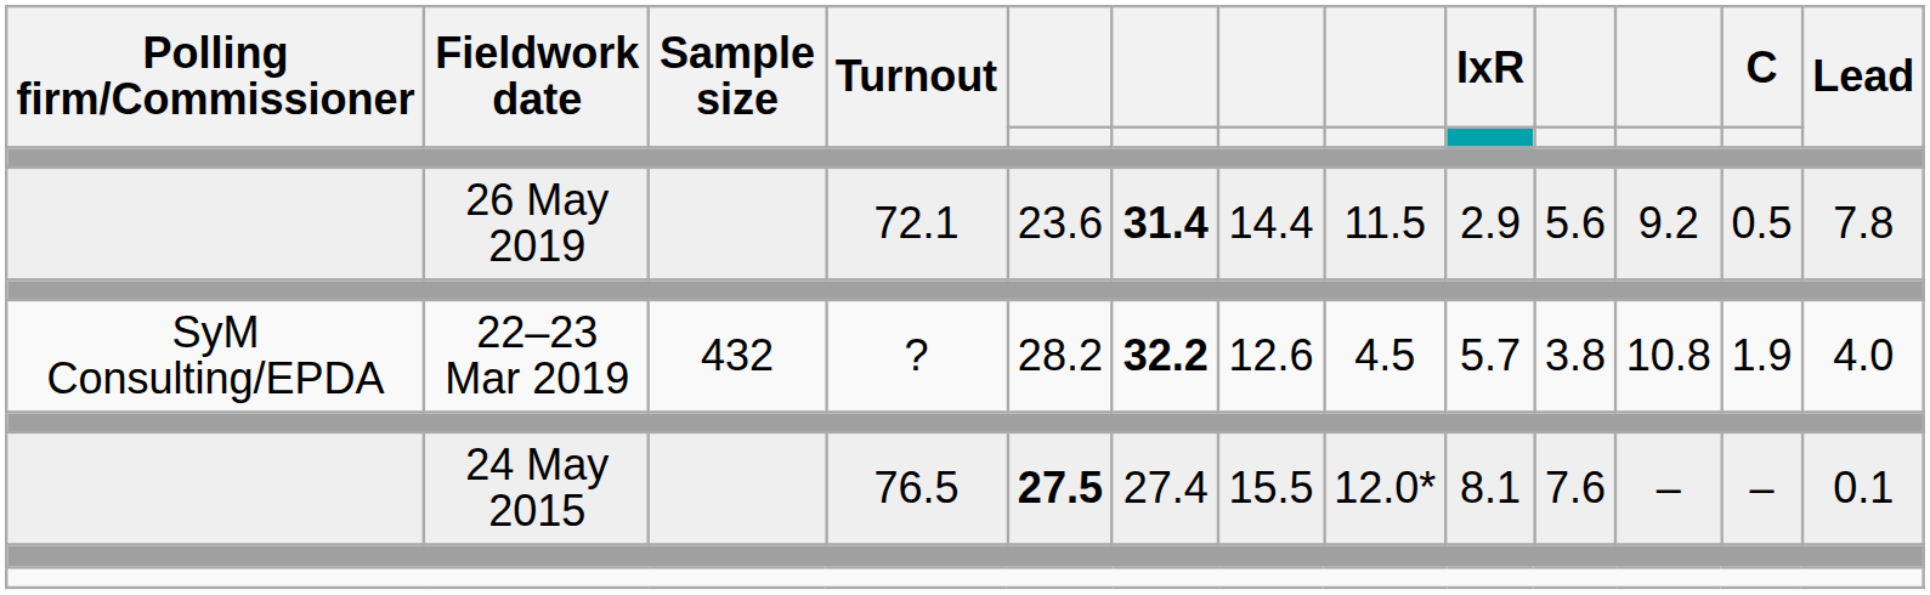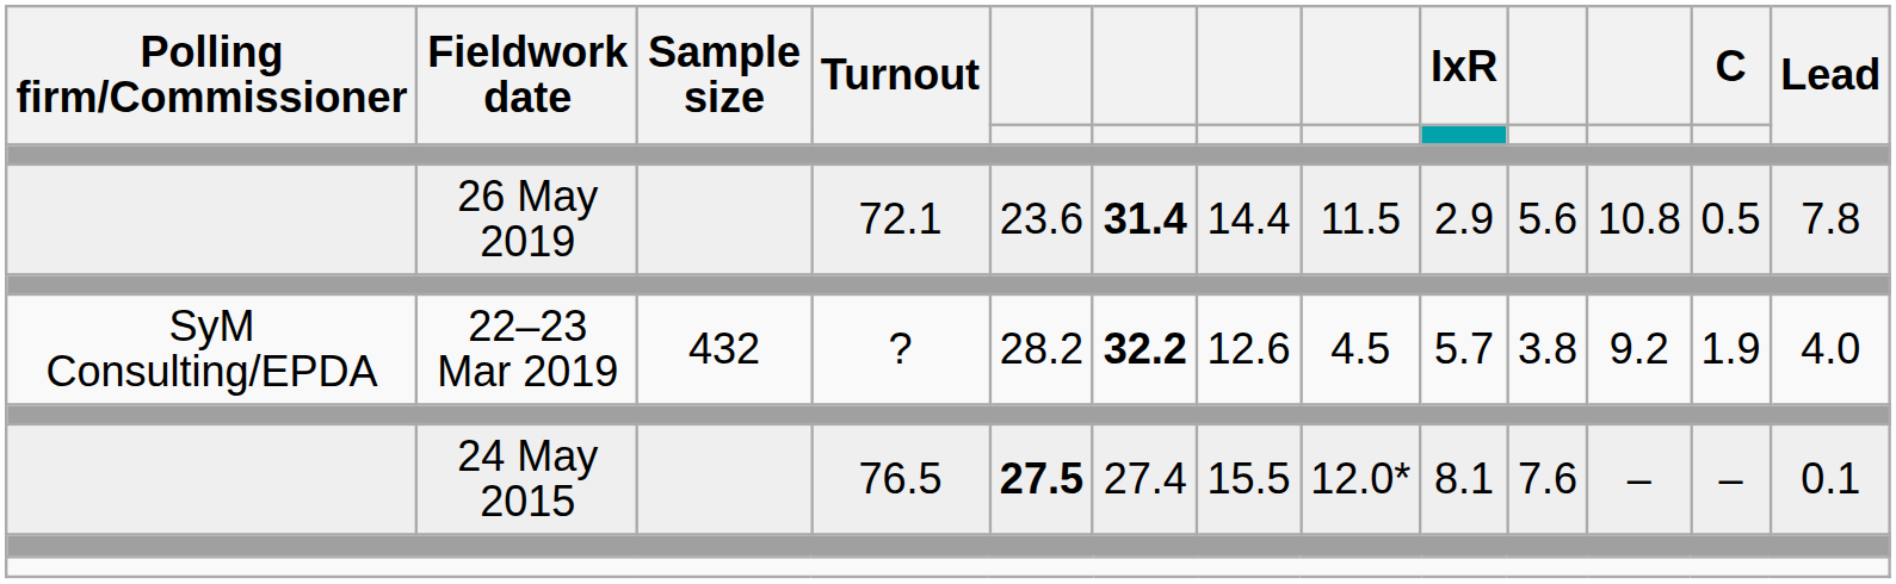 <table class="wikitable collapsible collapsed" style="text-align:center; font-size:95%; line-height:16px;">
 <tr style="height:42px;">
 <th style="width:250px;" rowspan="2">Polling firm/Commissioner</th>
 <th style="width:125px;" rowspan="2">Fieldwork date</th>
 <th style="width:50px;" rowspan="2">Sample size</th>
 <th style="width:45px;" rowspan="2">Turnout</th>
 <th style="width:35px;"></th>
 <th style="width:35px;"></th>
 <th style="width:35px;"></th>
 <th style="width:35px;"></th>
 <th style="width:35px;">IxR</th>
 <th style="width:35px;"></th>
 <th style="width:35px;"></th>
 <th style="width:35px;">C</th>
 <th style="width:30px;" rowspan="2">Lead</th>
 </tr>
 <tr>
 <th style="color:inherit;background:"></th>
 <th style="color:inherit;background:"></th>
 <th style="color:inherit;background:"></th>
 <th style="color:inherit;background:"></th>
 <th style="color:inherit;background:#00A3AB;"></th>
 <th style="color:inherit;background:"></th>
 <th style="color:inherit;background:"></th>
 <th style="color:inherit;background:"></th>
 </tr>
 <tr>
 <td colspan="13" style="background:#A0A0A0"></td>
 </tr>
 <tr style="background:#EFEFEF;">
 <td><strong></strong></td>
 <td>26 May 2019</td>
 <td></td>
 <td>72.1</td>
 <td>23.6<br></td>
 <td><strong>31.4</strong><br></td>
 <td>14.4<br></td>
 <td>11.5<br></td>
 <td>2.9<br></td>
 <td>5.6<br></td>
-<td>9.2<br></td>
+<td>10.8<br></td>
 <td>0.5<br></td>
 <td style="background:">7.8</td>
 </tr>
 <tr>
 <td colspan="13" style="background:#A0A0A0"></td>
 </tr>
 <tr>
 <td>SyM Consulting/EPDA</td>
 <td>22–23 Mar 2019</td>
 <td>432</td>
 <td>?</td>
 <td>28.2<br></td>
 <td><strong>32.2</strong><br></td>
 <td>12.6<br></td>
 <td>4.5<br></td>
 <td>5.7<br></td>
 <td>3.8<br></td>
-<td>10.8<br></td>
+<td>9.2<br></td>
 <td>1.9<br></td>
 <td style="background:">4.0</td>
 </tr>
 <tr>
 <td colspan="13" style="background:#A0A0A0"></td>
 </tr>
 <tr style="background:#EFEFEF;">
 <td><strong></strong></td>
 <td>24 May 2015</td>
 <td></td>
 <td>76.5</td>
 <td><strong>27.5</strong><br></td>
 <td>27.4<br></td>
 <td>15.5<br></td>
 <td>12.0*<br></td>
 <td>8.1<br></td>
 <td>7.6<br></td>
 <td>–</td>
 <td>–</td>
 <td style="background:">0.1</td>
 </tr>
 <tr>
 <td colspan="13" style="background:#A0A0A0"></td>
 </tr>
 <tr>
 <td align="left" colspan="13"></td>
 </tr>
 </table>
